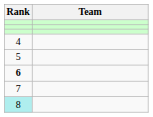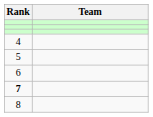 <table class=wikitable style="text-align:center;">
 <tr>
 <th>Rank</th>
 <th width=180>Team</th>
 </tr>
 <tr bgcolor=ccffcc>
 <td></td>
 <td align=left></td>
 </tr>
 <tr bgcolor=ccffcc>
 <td></td>
 <td align=left></td>
 </tr>
 <tr bgcolor=ccffcc>
 <td></td>
 <td align=left></td>
 </tr>
 <tr>
 <td>4</td>
 <td align=left></td>
 </tr>
 <tr -bgcolor=ccccff>
 <td>5</td>
 <td align=left></td>
 </tr>
 <tr>
-<td><strong>6</strong></td>
+<td>6</td>
 <td align=left></td>
 </tr>
 <tr>
-<td>7</td>
+<td><strong>7</strong></td>
 <td align=left></td>
 </tr>
 <tr>
-<td style="background: paleturquoise;">8</td>
+<td>8</td>
 <td align=left></td>
 </tr>
 </table>
